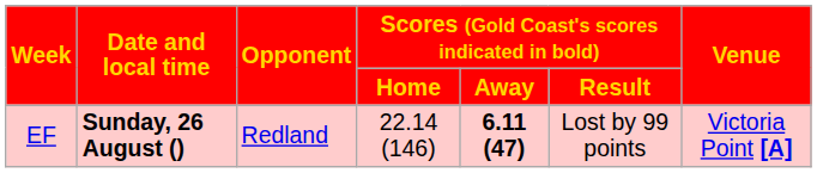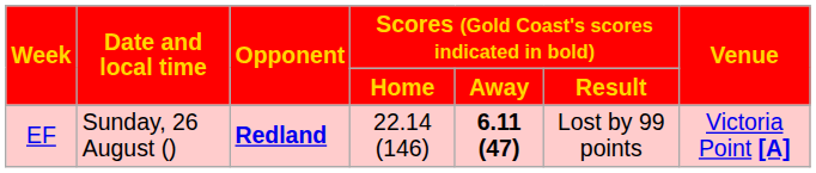 <table class="wikitable plainrowheaders" style="font-size:90%; width:80%; text-align:center;">
 <tr>
 <th rowspan=2 style="background:red; color:gold">Week</th>
 <th rowspan=2 style="background:red; color:gold">Date and local time</th>
 <th rowspan=2 style="background:red; color:gold">Opponent</th>
 <th colspan=3 style="background:red; color:gold">Scores <small>(Gold Coast's scores indicated in bold)</small></th>
 <th rowspan=2 style="background:red; color:gold">Venue</th>
 </tr>
 <tr>
 <th style="background:red; color:gold">Home</th>
 <th style="background:red; color:gold">Away</th>
 <th style="background:red; color:gold">Result</th>
 </tr>
 <tr style="background:#fcc;">
 <td><a href='#'>EF</a></td>
-<td align=left><strong>Sunday, 26 August ()</strong></td>
-<td align=left><a href='#'>Redland</a></td>
+<td align=left>Sunday, 26 August ()</td>
+<td align=left><strong><a href='#'>Redland</a></strong></td>
 <td>22.14 (146)</td>
 <td><strong>6.11 (47)</strong></td>
 <td>Lost by 99 points</td>
 <td><a href='#'>Victoria Point</a> <a href='#'><strong>[A]</strong></a></td>
 </tr>
 </table>
